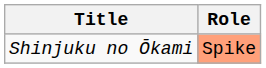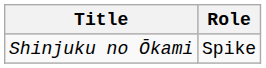 <table class="wikitable">
 <tr>
 <th>Title</th>
 <th>Role</th>
 </tr>
 <tr>
 <td><em>Shinjuku no Ōkami</em></td>
-<td style="background: lightsalmon;">Spike</td>
+<td>Spike</td>
 </tr>
 </table>
